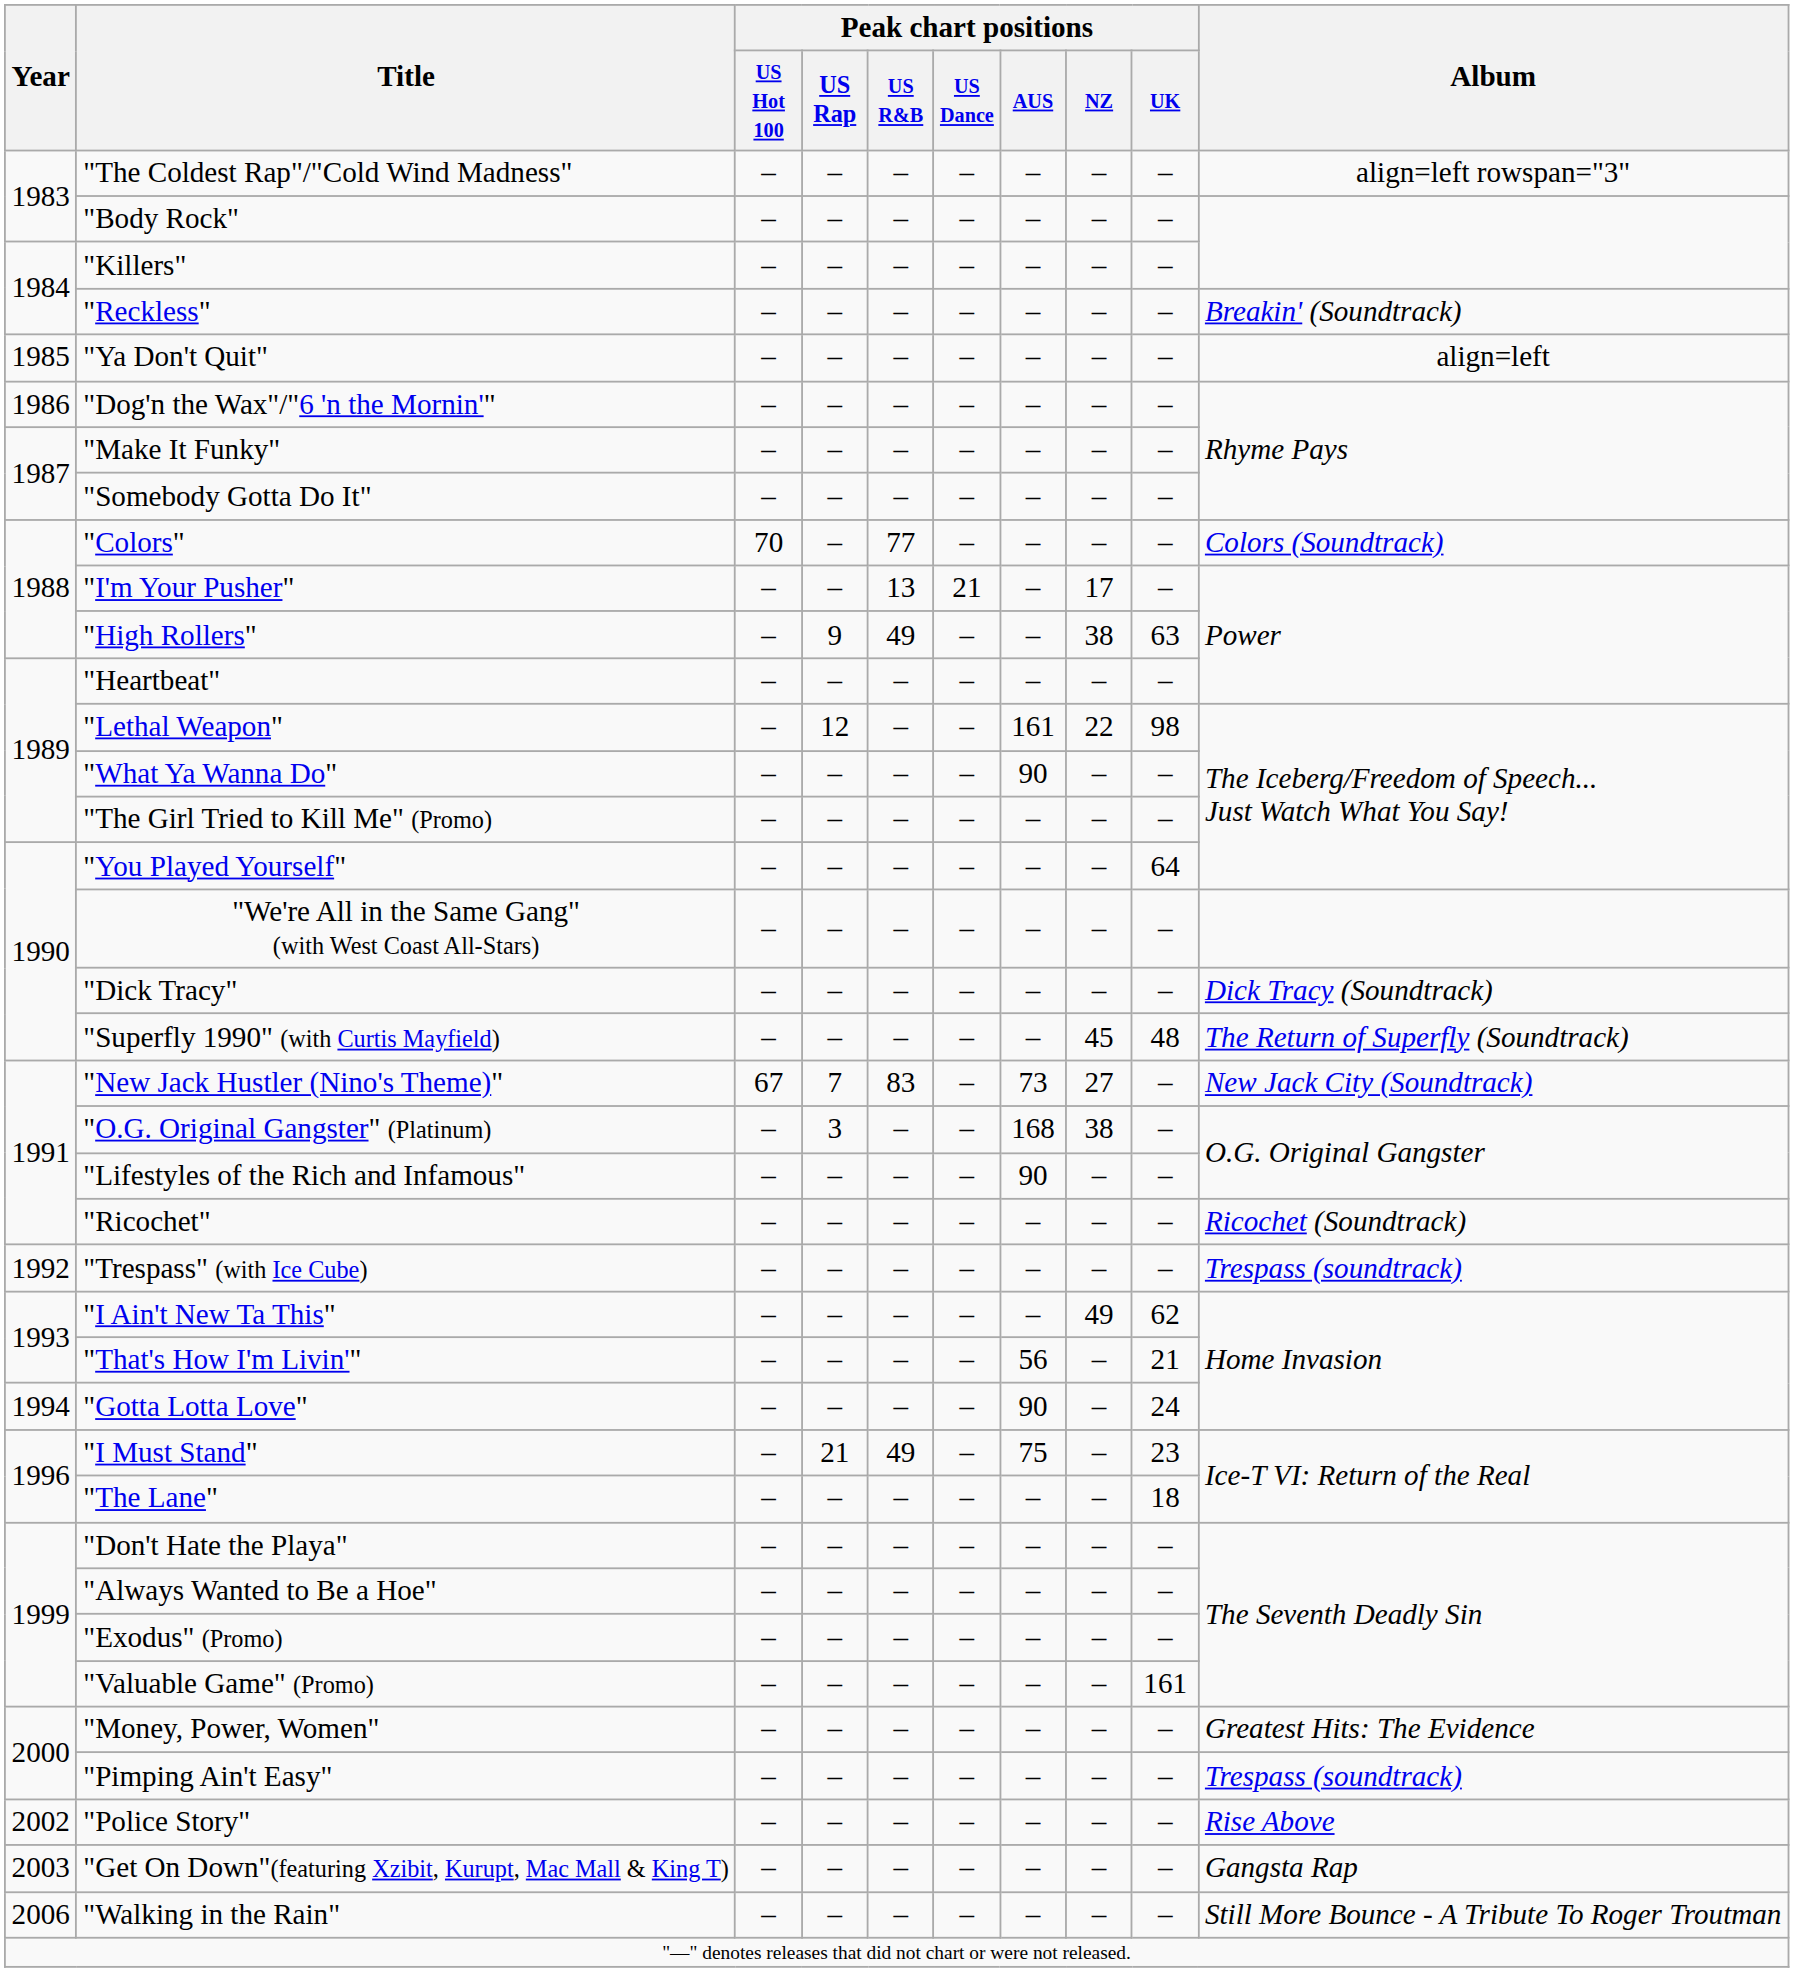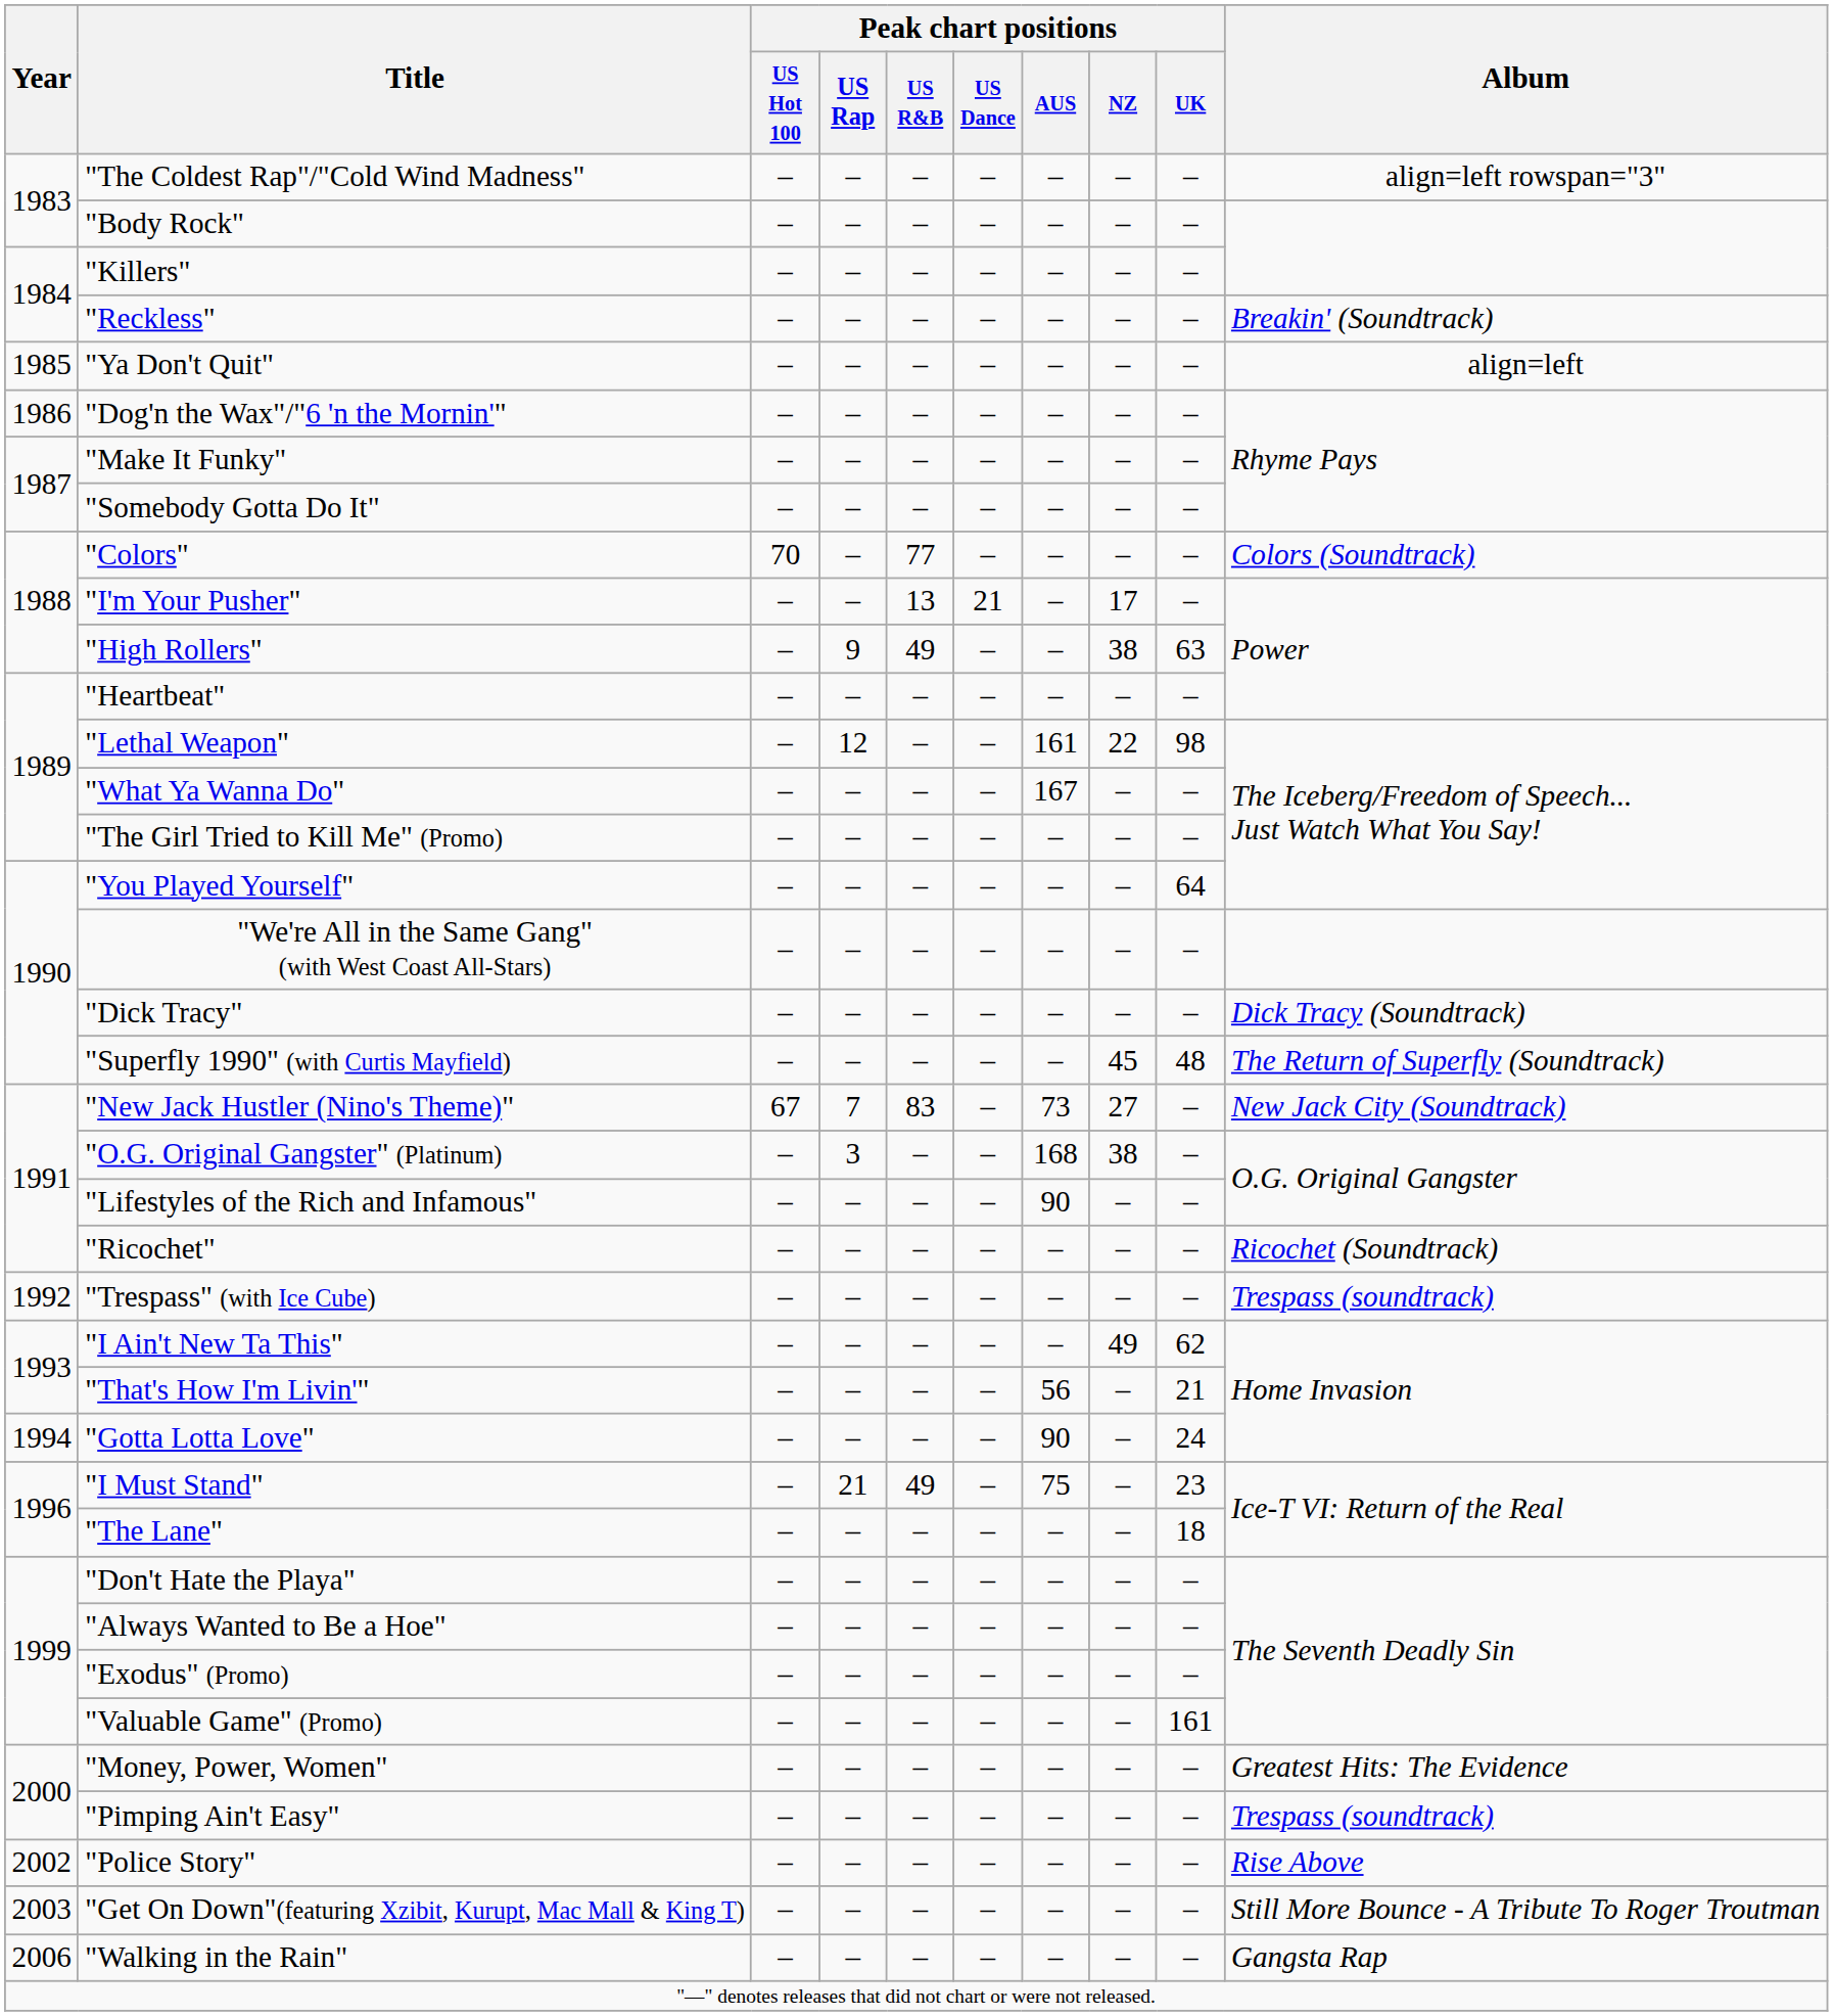 <table class="wikitable" style=text-align:center;>
 <tr>
 <th rowspan="2">Year</th>
 <th rowspan="2">Title</th>
 <th colspan="7">Peak chart positions</th>
 <th rowspan="2">Album</th>
 </tr>
 <tr style="font-size:smaller;">
 <th width=30><small><a href='#'>US Hot 100</a></small><br></th>
 <th width=30><a href='#'>US Rap</a></th>
 <th width=30><small><a href='#'>US R&B</a></small><br></th>
 <th width=30><small><a href='#'>US Dance</a></small><br></th>
 <th width=30><small><a href='#'>AUS</a></small><br></th>
 <th width=30><small><a href='#'>NZ</a></small><br></th>
 <th width=30><small><a href='#'>UK</a></small><br></th>
 </tr>
 <tr>
 <td rowspan="2">1983</td>
 <td align=left>"The Coldest Rap"/"Cold Wind Madness"</td>
 <td>–</td>
 <td>–</td>
 <td>–</td>
 <td>–</td>
 <td>–</td>
 <td>–</td>
 <td>–</td>
 <td>align=left rowspan="3"</td>
 </tr>
 <tr>
 <td align=left>"Body Rock"</td>
 <td>–</td>
 <td>–</td>
 <td>–</td>
 <td>–</td>
 <td>–</td>
 <td>–</td>
 <td>–</td>
 </tr>
 <tr>
 <td rowspan="2">1984</td>
 <td align=left>"Killers"</td>
 <td>–</td>
 <td>–</td>
 <td>–</td>
 <td>–</td>
 <td>–</td>
 <td>–</td>
 <td>–</td>
 </tr>
 <tr>
 <td align=left>"<a href='#'>Reckless</a>"</td>
 <td>–</td>
 <td>–</td>
 <td>–</td>
 <td>–</td>
 <td>–</td>
 <td>–</td>
 <td>–</td>
 <td align=left><em><a href='#'>Breakin'</a> (Soundtrack)</em></td>
 </tr>
 <tr>
 <td>1985</td>
 <td align=left>"Ya Don't Quit"</td>
 <td>–</td>
 <td>–</td>
 <td>–</td>
 <td>–</td>
 <td>–</td>
 <td>–</td>
 <td>–</td>
 <td>align=left</td>
 </tr>
 <tr>
 <td>1986</td>
 <td align=left>"Dog'n the Wax"/"<a href='#'>6 'n the Mornin'</a>"</td>
 <td>–</td>
 <td>–</td>
 <td>–</td>
 <td>–</td>
 <td>–</td>
 <td>–</td>
 <td>–</td>
 <td align=left rowspan="3"><em>Rhyme Pays</em></td>
 </tr>
 <tr>
 <td rowspan="2">1987</td>
 <td align=left>"Make It Funky"</td>
 <td>–</td>
 <td>–</td>
 <td>–</td>
 <td>–</td>
 <td>–</td>
 <td>–</td>
 <td>–</td>
 </tr>
 <tr>
 <td align=left>"Somebody Gotta Do It"</td>
 <td>–</td>
 <td>–</td>
 <td>–</td>
 <td>–</td>
 <td>–</td>
 <td>–</td>
 <td>–</td>
 </tr>
 <tr>
 <td rowspan="3">1988</td>
 <td align=left>"<a href='#'>Colors</a>"</td>
 <td>70</td>
 <td>–</td>
 <td>77</td>
 <td>–</td>
 <td>–</td>
 <td>–</td>
 <td>–</td>
 <td align=left><em><a href='#'>Colors (Soundtrack)</a></em></td>
 </tr>
 <tr>
 <td align=left>"<a href='#'>I'm Your Pusher</a>"</td>
 <td>–</td>
 <td>–</td>
 <td>13</td>
 <td>21</td>
 <td>–</td>
 <td>17</td>
 <td>–</td>
 <td align=left rowspan="3"><em>Power</em></td>
 </tr>
 <tr>
 <td align=left>"<a href='#'>High Rollers</a>"</td>
 <td>–</td>
 <td>9</td>
 <td>49</td>
 <td>–</td>
 <td>–</td>
 <td>38</td>
 <td>63</td>
 </tr>
 <tr>
 <td rowspan="4">1989</td>
 <td align=left>"Heartbeat"</td>
 <td>–</td>
 <td>–</td>
 <td>–</td>
 <td>–</td>
 <td>–</td>
 <td>–</td>
 <td>–</td>
 </tr>
 <tr>
 <td align=left>"<a href='#'>Lethal Weapon</a>"</td>
 <td>–</td>
 <td>12</td>
 <td>–</td>
 <td>–</td>
 <td>161</td>
 <td>22</td>
 <td>98</td>
 <td align=left rowspan="4"><em>The Iceberg/Freedom of Speech...<br>Just Watch What You Say!</em></td>
 </tr>
 <tr>
 <td align=left>"<a href='#'>What Ya Wanna Do</a>"</td>
 <td>–</td>
 <td>–</td>
 <td>–</td>
 <td>–</td>
-<td>90</td>
+<td>167</td>
 <td>–</td>
 <td>–</td>
 </tr>
 <tr>
 <td align=left>"The Girl Tried to Kill Me" <small>(Promo)</small></td>
 <td>–</td>
 <td>–</td>
 <td>–</td>
 <td>–</td>
 <td>–</td>
 <td>–</td>
 <td>–</td>
 </tr>
 <tr>
 <td rowspan="4">1990</td>
 <td align=left>"<a href='#'>You Played Yourself</a>"</td>
 <td>–</td>
 <td>–</td>
 <td>–</td>
 <td>–</td>
 <td>–</td>
 <td>–</td>
 <td>64</td>
 </tr>
 <tr>
 <td>"We're All in the Same Gang"<br><small>(with West Coast All-Stars)</small></td>
 <td>–</td>
 <td>–</td>
 <td>–</td>
 <td>–</td>
 <td>–</td>
 <td>–</td>
 <td>–</td>
 <td></td>
 </tr>
 <tr>
 <td align=left>"Dick Tracy"</td>
 <td>–</td>
 <td>–</td>
 <td>–</td>
 <td>–</td>
 <td>–</td>
 <td>–</td>
 <td>–</td>
 <td align=left><em><a href='#'>Dick Tracy</a> (Soundtrack)</em></td>
 </tr>
 <tr>
 <td align=left>"Superfly 1990" <small>(with <a href='#'>Curtis Mayfield</a>)</small></td>
 <td>–</td>
 <td>–</td>
 <td>–</td>
 <td>–</td>
 <td>–</td>
 <td>45</td>
 <td>48</td>
 <td align=left><em><a href='#'>The Return of Superfly</a> (Soundtrack)</em></td>
 </tr>
 <tr>
 <td rowspan="4">1991</td>
 <td align=left>"<a href='#'>New Jack Hustler (Nino's Theme)</a>"</td>
 <td>67</td>
 <td>7</td>
 <td>83</td>
 <td>–</td>
 <td>73</td>
 <td>27</td>
 <td>–</td>
 <td align=left><em><a href='#'>New Jack City (Soundtrack)</a></em></td>
 </tr>
 <tr>
 <td align=left>"<a href='#'>O.G. Original Gangster</a>" <small>(Platinum)</small></td>
 <td>–</td>
 <td>3</td>
 <td>–</td>
 <td>–</td>
 <td>168</td>
 <td>38</td>
 <td>–</td>
 <td align=left rowspan="2"><em>O.G. Original Gangster</em></td>
 </tr>
 <tr>
 <td align=left>"Lifestyles of the Rich and Infamous"</td>
 <td>–</td>
 <td>–</td>
 <td>–</td>
 <td>–</td>
 <td>90</td>
 <td>–</td>
 <td>–</td>
 </tr>
 <tr>
 <td align=left>"Ricochet"</td>
 <td>–</td>
 <td>–</td>
 <td>–</td>
 <td>–</td>
 <td>–</td>
 <td>–</td>
 <td>–</td>
 <td align=left><em><a href='#'>Ricochet</a> (Soundtrack)</em></td>
 </tr>
 <tr>
 <td>1992</td>
 <td align=left>"Trespass" <small>(with <a href='#'>Ice Cube</a>)</small></td>
 <td>–</td>
 <td>–</td>
 <td>–</td>
 <td>–</td>
 <td>–</td>
 <td>–</td>
 <td>–</td>
 <td align=left><em><a href='#'>Trespass (soundtrack)</a></em></td>
 </tr>
 <tr>
 <td rowspan="2">1993</td>
 <td align=left>"<a href='#'>I Ain't New Ta This</a>"</td>
 <td>–</td>
 <td>–</td>
 <td>–</td>
 <td>–</td>
 <td>–</td>
 <td>49</td>
 <td>62</td>
 <td align=left rowspan="3"><em>Home Invasion</em></td>
 </tr>
 <tr>
 <td align=left>"<a href='#'>That's How I'm Livin'</a>"</td>
 <td>–</td>
 <td>–</td>
 <td>–</td>
 <td>–</td>
 <td>56</td>
 <td>–</td>
 <td>21</td>
 </tr>
 <tr>
 <td>1994</td>
 <td align=left>"<a href='#'>Gotta Lotta Love</a>"</td>
 <td>–</td>
 <td>–</td>
 <td>–</td>
 <td>–</td>
 <td>90</td>
 <td>–</td>
 <td>24</td>
 </tr>
 <tr>
 <td rowspan="2">1996</td>
 <td align=left>"<a href='#'>I Must Stand</a>"</td>
 <td>–</td>
 <td>21</td>
 <td>49</td>
 <td>–</td>
 <td>75</td>
 <td>–</td>
 <td>23</td>
 <td align=left rowspan="2"><em>Ice-T VI: Return of the Real</em></td>
 </tr>
 <tr>
 <td align=left>"<a href='#'>The Lane</a>"</td>
 <td>–</td>
 <td>–</td>
 <td>–</td>
 <td>–</td>
 <td>–</td>
 <td>–</td>
 <td>18</td>
 </tr>
 <tr>
 <td rowspan="4">1999</td>
 <td align=left>"Don't Hate the Playa"</td>
 <td>–</td>
 <td>–</td>
 <td>–</td>
 <td>–</td>
 <td>–</td>
 <td>–</td>
 <td>–</td>
 <td align=left rowspan="4"><em>The Seventh Deadly Sin</em></td>
 </tr>
 <tr>
 <td align=left>"Always Wanted to Be a Hoe"</td>
 <td>–</td>
 <td>–</td>
 <td>–</td>
 <td>–</td>
 <td>–</td>
 <td>–</td>
 <td>–</td>
 </tr>
 <tr>
 <td align=left>"Exodus" <small>(Promo)</small></td>
 <td>–</td>
 <td>–</td>
 <td>–</td>
 <td>–</td>
 <td>–</td>
 <td>–</td>
 <td>–</td>
 </tr>
 <tr>
 <td align=left>"Valuable Game" <small>(Promo)</small></td>
 <td>–</td>
 <td>–</td>
 <td>–</td>
 <td>–</td>
 <td>–</td>
 <td>–</td>
 <td>161</td>
 </tr>
 <tr>
 <td rowspan="2">2000</td>
 <td align=left>"Money, Power, Women"</td>
 <td>–</td>
 <td>–</td>
 <td>–</td>
 <td>–</td>
 <td>–</td>
 <td>–</td>
 <td>–</td>
 <td align=left><em>Greatest Hits: The Evidence</em></td>
 </tr>
 <tr>
 <td align=left>"Pimping Ain't Easy"</td>
 <td>–</td>
 <td>–</td>
 <td>–</td>
 <td>–</td>
 <td>–</td>
 <td>–</td>
 <td>–</td>
 <td align=left><em><a href='#'>Trespass (soundtrack)</a></em></td>
 </tr>
 <tr>
 <td>2002</td>
 <td align=left>"Police Story"</td>
 <td>–</td>
 <td>–</td>
 <td>–</td>
 <td>–</td>
 <td>–</td>
 <td>–</td>
 <td>–</td>
 <td align=left><em><a href='#'>Rise Above</a></em></td>
 </tr>
 <tr>
 <td>2003</td>
 <td align=left>"Get On Down"<small>(featuring <a href='#'>Xzibit</a>, <a href='#'>Kurupt</a>, <a href='#'>Mac Mall</a> & <a href='#'>King T</a>)</small></td>
 <td>–</td>
 <td>–</td>
 <td>–</td>
 <td>–</td>
 <td>–</td>
 <td>–</td>
 <td>–</td>
-<td align=left><em>Gangsta Rap</em></td>
+<td align=left><em>Still More Bounce - A Tribute To Roger Troutman</em></td>
 </tr>
 <tr>
 <td>2006</td>
 <td align=left>"Walking in the Rain"</td>
 <td>–</td>
 <td>–</td>
 <td>–</td>
 <td>–</td>
 <td>–</td>
 <td>–</td>
 <td>–</td>
-<td align=left><em>Still More Bounce - A Tribute To Roger Troutman</em></td>
+<td align=left><em>Gangsta Rap</em></td>
 </tr>
 <tr>
 <td align="center" colspan="10" style="font-size:8pt">"—" denotes releases that did not chart or were not released.</td>
 </tr>
 </table>
